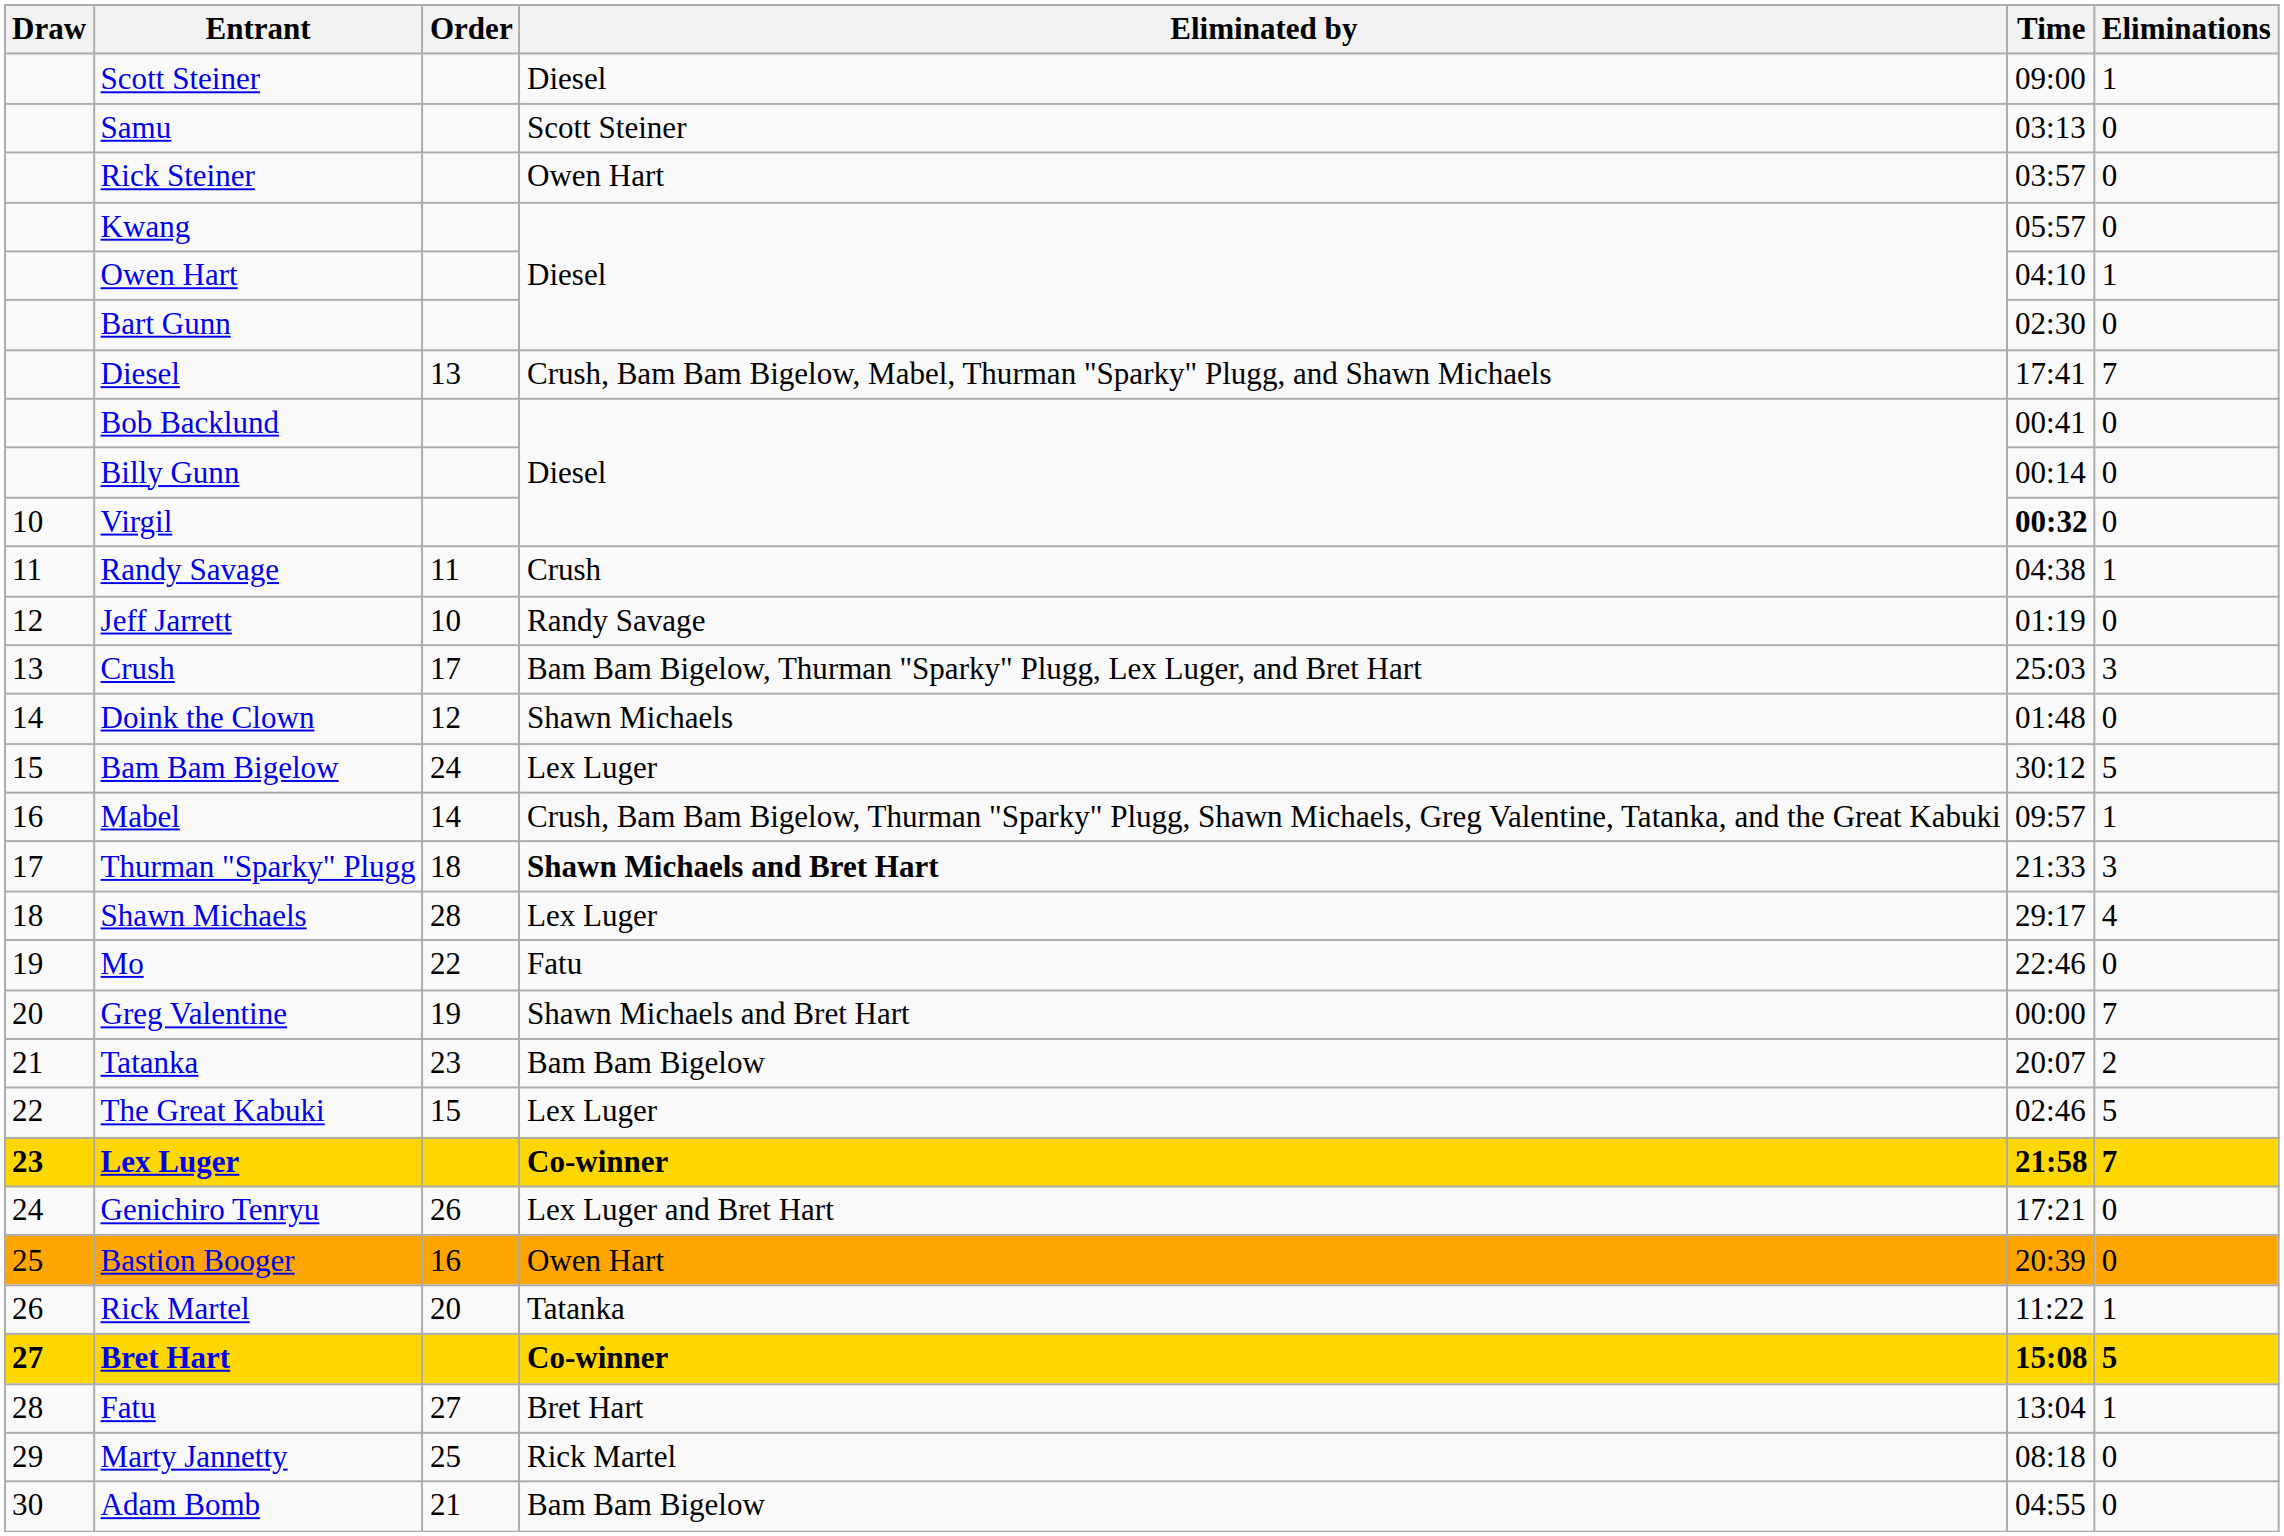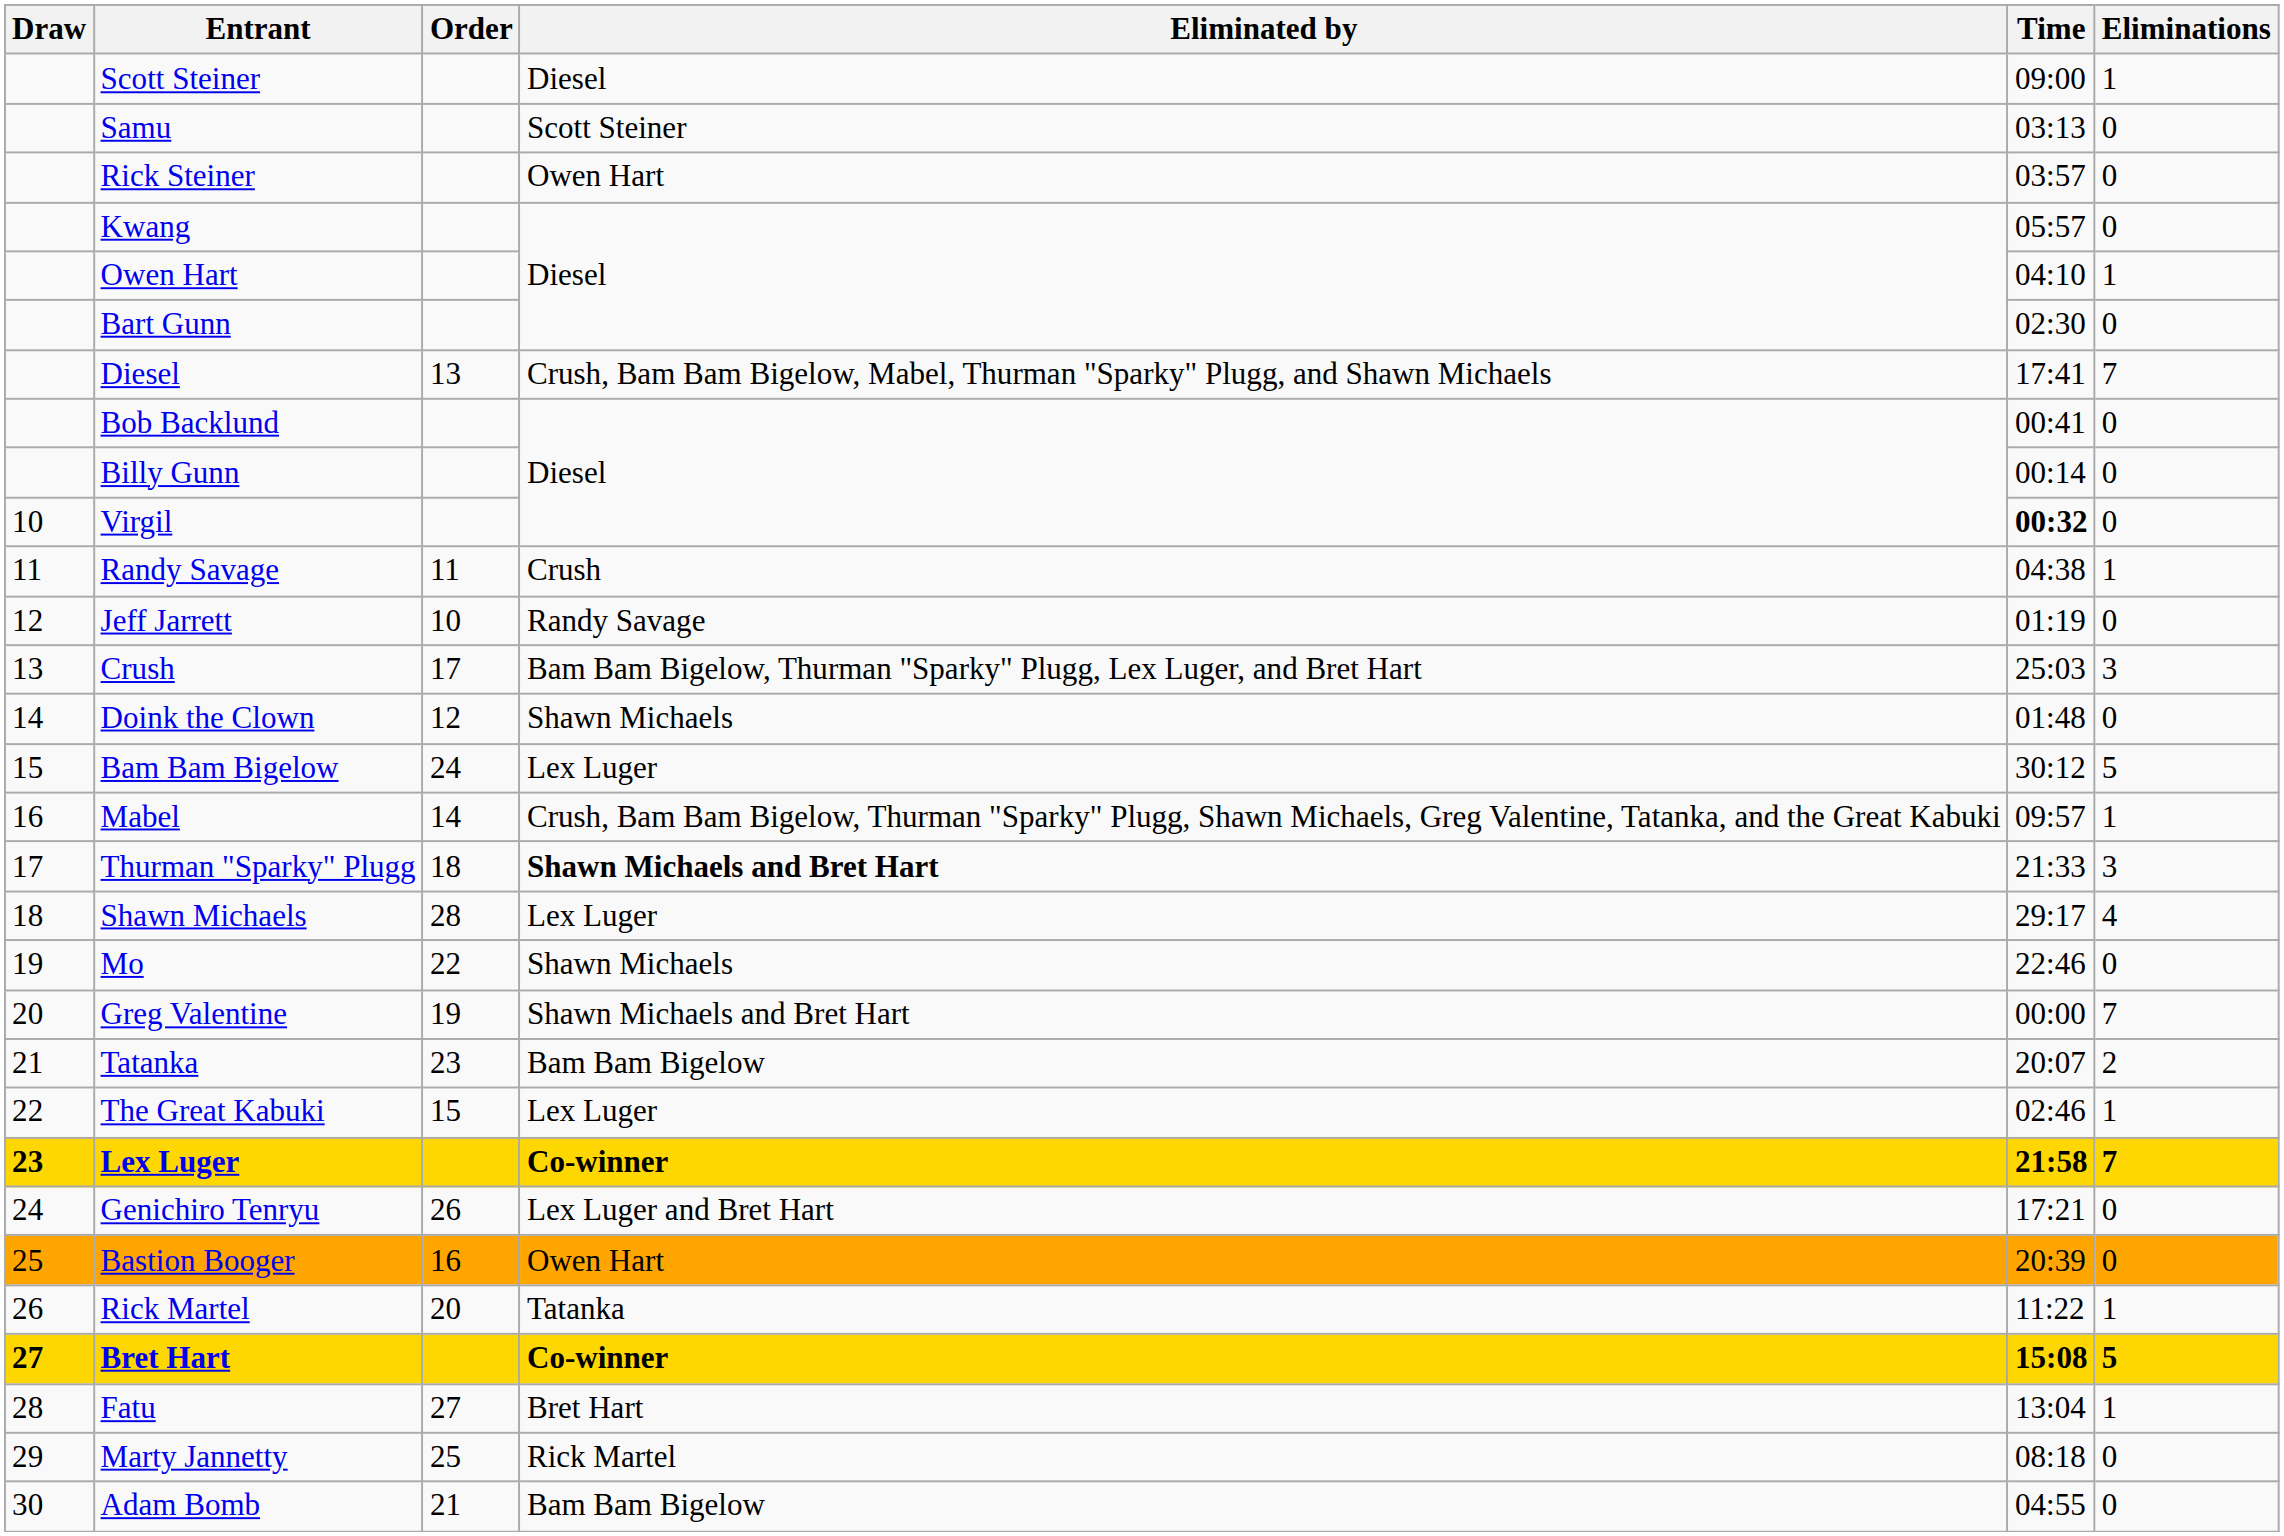 <table class="wikitable sortable">
 <tr>
 <th>Draw</th>
 <th>Entrant</th>
 <th>Order</th>
 <th>Eliminated by</th>
 <th>Time</th>
 <th>Eliminations</th>
 </tr>
 <tr>
 <td></td>
 <td><a href='#'>Scott Steiner</a></td>
 <td></td>
 <td>Diesel</td>
 <td>09:00</td>
 <td>1</td>
 </tr>
 <tr>
 <td></td>
 <td><a href='#'>Samu</a></td>
 <td></td>
 <td>Scott Steiner</td>
 <td>03:13</td>
 <td>0</td>
 </tr>
 <tr>
 <td></td>
 <td><a href='#'>Rick Steiner</a></td>
 <td></td>
 <td>Owen Hart</td>
 <td>03:57</td>
 <td>0</td>
 </tr>
 <tr>
 <td></td>
 <td><a href='#'>Kwang</a></td>
 <td></td>
 <td rowspan="3">Diesel</td>
 <td>05:57</td>
 <td>0</td>
 </tr>
 <tr>
 <td></td>
 <td><a href='#'>Owen Hart</a></td>
 <td></td>
 <td>04:10</td>
 <td>1</td>
 </tr>
 <tr>
 <td></td>
 <td><a href='#'>Bart Gunn</a></td>
 <td></td>
 <td>02:30</td>
 <td>0</td>
 </tr>
 <tr>
 <td></td>
 <td><a href='#'>Diesel</a></td>
 <td>13</td>
 <td>Crush, Bam Bam Bigelow, Mabel, Thurman "Sparky" Plugg, and Shawn Michaels</td>
 <td>17:41</td>
 <td>7</td>
 </tr>
 <tr>
 <td></td>
 <td><a href='#'>Bob Backlund</a></td>
 <td></td>
 <td rowspan="3">Diesel</td>
 <td>00:41</td>
 <td>0</td>
 </tr>
 <tr>
 <td></td>
 <td><a href='#'>Billy Gunn</a></td>
 <td></td>
 <td>00:14</td>
 <td>0</td>
 </tr>
 <tr>
 <td>10</td>
 <td><a href='#'>Virgil</a></td>
 <td></td>
 <td><strong>00:32</strong></td>
 <td>0</td>
 </tr>
 <tr>
 <td>11</td>
 <td><a href='#'>Randy Savage</a></td>
 <td>11</td>
 <td>Crush</td>
 <td>04:38</td>
 <td>1</td>
 </tr>
 <tr>
 <td>12</td>
 <td><a href='#'>Jeff Jarrett</a></td>
 <td>10</td>
 <td>Randy Savage</td>
 <td>01:19</td>
 <td>0</td>
 </tr>
 <tr>
 <td>13</td>
 <td><a href='#'>Crush</a></td>
 <td>17</td>
 <td>Bam Bam Bigelow, Thurman "Sparky" Plugg, Lex Luger, and Bret Hart</td>
 <td>25:03</td>
 <td>3</td>
 </tr>
 <tr>
 <td>14</td>
 <td><a href='#'>Doink the Clown</a></td>
 <td>12</td>
 <td>Shawn Michaels</td>
 <td>01:48</td>
 <td>0</td>
 </tr>
 <tr>
 <td>15</td>
 <td><a href='#'>Bam Bam Bigelow</a></td>
 <td>24</td>
 <td>Lex Luger</td>
 <td>30:12</td>
 <td>5</td>
 </tr>
 <tr>
 <td>16</td>
 <td><a href='#'>Mabel</a></td>
 <td>14</td>
 <td>Crush, Bam Bam Bigelow, Thurman "Sparky" Plugg, Shawn Michaels, Greg Valentine, Tatanka, and the Great Kabuki</td>
 <td>09:57</td>
 <td>1</td>
 </tr>
 <tr>
 <td>17</td>
 <td><a href='#'>Thurman "Sparky" Plugg</a></td>
 <td>18</td>
 <td><strong>Shawn Michaels and Bret Hart</strong></td>
 <td>21:33</td>
 <td>3</td>
 </tr>
 <tr>
 <td>18</td>
 <td><a href='#'>Shawn Michaels</a></td>
 <td>28</td>
 <td>Lex Luger</td>
 <td>29:17</td>
 <td>4</td>
 </tr>
 <tr>
 <td>19</td>
 <td><a href='#'>Mo</a></td>
 <td>22</td>
-<td>Fatu</td>
+<td>Shawn Michaels</td>
 <td>22:46</td>
 <td>0</td>
 </tr>
 <tr>
 <td>20</td>
 <td><a href='#'>Greg Valentine</a></td>
 <td>19</td>
 <td>Shawn Michaels and Bret Hart</td>
 <td>00:00</td>
 <td>7</td>
 </tr>
 <tr>
 <td>21</td>
 <td><a href='#'>Tatanka</a></td>
 <td>23</td>
 <td>Bam Bam Bigelow</td>
 <td>20:07</td>
 <td>2</td>
 </tr>
 <tr>
 <td>22</td>
 <td><a href='#'>The Great Kabuki</a></td>
 <td>15</td>
 <td>Lex Luger</td>
 <td>02:46</td>
-<td>5</td>
+<td>1</td>
 </tr>
 <tr style="background: gold">
 <td><strong>23</strong></td>
 <td><strong><a href='#'>Lex Luger</a></strong></td>
 <td><strong></strong></td>
 <td><strong>Co-winner</strong></td>
 <td><strong>21:58</strong></td>
 <td><strong>7</strong></td>
 </tr>
 <tr>
 <td>24</td>
 <td><a href='#'>Genichiro Tenryu</a></td>
 <td>26</td>
 <td>Lex Luger and Bret Hart</td>
 <td>17:21</td>
 <td>0</td>
 </tr>
 <tr style="background: orange">
 <td>25</td>
 <td><a href='#'>Bastion Booger</a></td>
 <td>16</td>
 <td>Owen Hart</td>
 <td>20:39</td>
 <td>0</td>
 </tr>
 <tr>
 <td>26</td>
 <td><a href='#'>Rick Martel</a></td>
 <td>20</td>
 <td>Tatanka</td>
 <td>11:22</td>
 <td>1</td>
 </tr>
 <tr style="background: gold">
 <td><strong>27</strong></td>
 <td><strong><a href='#'>Bret Hart</a></strong></td>
 <td><strong></strong></td>
 <td><strong>Co-winner</strong></td>
 <td><strong>15:08</strong></td>
 <td><strong>5</strong></td>
 </tr>
 <tr>
 <td>28</td>
 <td><a href='#'>Fatu</a></td>
 <td>27</td>
 <td>Bret Hart</td>
 <td>13:04</td>
 <td>1</td>
 </tr>
 <tr>
 <td>29</td>
 <td><a href='#'>Marty Jannetty</a></td>
 <td>25</td>
 <td>Rick Martel</td>
 <td>08:18</td>
 <td>0</td>
 </tr>
 <tr>
 <td>30</td>
 <td><a href='#'>Adam Bomb</a></td>
 <td>21</td>
 <td>Bam Bam Bigelow</td>
 <td>04:55</td>
 <td>0</td>
 </tr>
 </table>
